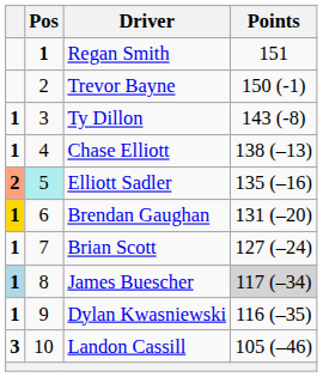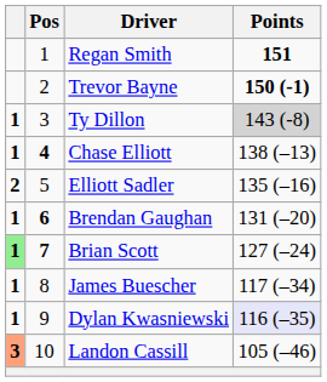 <table class="wikitable" style="font-size: 95%;">
 <tr>
 <th></th>
 <th>Pos</th>
 <th>Driver</th>
 <th>Points</th>
 </tr>
 <tr>
 <td align="left"></td>
-<td style="text-align:center;"><strong>1</strong></td>
+<td style="text-align:center;">1</td>
 <td><a href='#'>Regan Smith</a></td>
-<td style="text-align:center;">151</td>
+<td style="text-align:center;"><strong>151</strong></td>
 </tr>
 <tr>
 <td align="left"></td>
 <td style="text-align:center;">2</td>
 <td><a href='#'>Trevor Bayne</a></td>
-<td style="text-align:center;">150 (-1)</td>
+<td style="text-align:center;"><strong>150 (-1)</strong></td>
 </tr>
 <tr>
 <td align="left"> <strong>1</strong></td>
 <td style="text-align:center;">3</td>
 <td><a href='#'>Ty Dillon</a></td>
-<td style="text-align:center;">143 (-8)</td>
+<td style="background: lightgrey; text-align:center;">143 (-8)</td>
 </tr>
 <tr>
 <td align="left"> <strong>1</strong></td>
-<td style="text-align:center;">4</td>
+<td style="text-align:center;"><strong>4</strong></td>
 <td><a href='#'>Chase Elliott</a></td>
 <td style="text-align:center;">138 (–13)</td>
 </tr>
 <tr>
-<td align="left" style="background: lightsalmon;"> <strong>2</strong></td>
-<td style="background: paleturquoise; text-align:center;">5</td>
+<td align="left"> <strong>2</strong></td>
+<td style="text-align:center;">5</td>
 <td><a href='#'>Elliott Sadler</a></td>
 <td style="text-align:center;">135 (–16)</td>
 </tr>
 <tr>
-<td align="left" style="background: gold;"> <strong>1</strong></td>
-<td style="text-align:center;">6</td>
+<td align="left"> <strong>1</strong></td>
+<td style="text-align:center;"><strong>6</strong></td>
 <td><a href='#'>Brendan Gaughan</a></td>
 <td style="text-align:center;">131 (–20)</td>
 </tr>
 <tr>
-<td align="left"> <strong>1</strong></td>
-<td style="text-align:center;">7</td>
+<td align="left" style="background: lightgreen;"> <strong>1</strong></td>
+<td style="text-align:center;"><strong>7</strong></td>
 <td><a href='#'>Brian Scott</a></td>
 <td style="text-align:center;">127 (–24)</td>
 </tr>
 <tr>
-<td align="left" style="background: lightblue;"> <strong>1</strong></td>
+<td align="left"> <strong>1</strong></td>
 <td style="text-align:center;">8</td>
 <td><a href='#'>James Buescher</a></td>
-<td style="background: lightgrey; text-align:center;">117 (–34)</td>
+<td style="text-align:center;">117 (–34)</td>
 </tr>
 <tr>
 <td align="left"> <strong>1</strong></td>
 <td style="text-align:center;">9</td>
 <td><a href='#'>Dylan Kwasniewski</a></td>
-<td style="text-align:center;">116 (–35)</td>
+<td style="background: lavender; text-align:center;">116 (–35)</td>
 </tr>
 <tr>
-<td align="left"> <strong>3</strong></td>
+<td align="left" style="background: lightsalmon;"> <strong>3</strong></td>
 <td style="text-align:center;">10</td>
 <td><a href='#'>Landon Cassill</a></td>
 <td style="text-align:center;">105 (–46)</td>
 </tr>
 <tr class="sortbottom">
 <th colspan="9"></th>
 </tr>
 </table>
